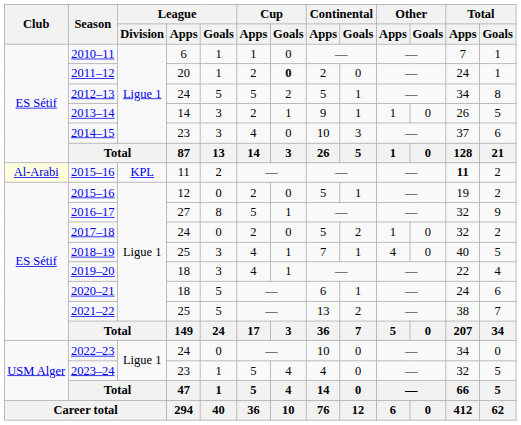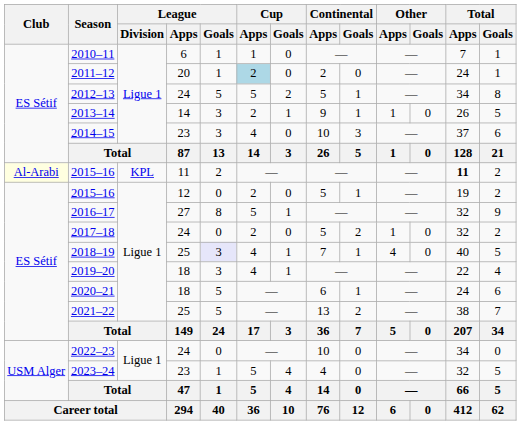 <table class="wikitable" style="text-align: center;">
 <tr>
 <th rowspan="2">Club</th>
 <th rowspan="2">Season</th>
 <th colspan="3">League</th>
 <th colspan="2">Cup</th>
 <th colspan="2">Continental</th>
 <th colspan="2">Other</th>
 <th colspan="2">Total</th>
 </tr>
 <tr>
 <th>Division</th>
 <th>Apps</th>
 <th>Goals</th>
 <th>Apps</th>
 <th>Goals</th>
 <th>Apps</th>
 <th>Goals</th>
 <th>Apps</th>
 <th>Goals</th>
 <th>Apps</th>
 <th>Goals</th>
 </tr>
 <tr>
 <td rowspan=6><a href='#'>ES Sétif</a></td>
 <td><a href='#'>2010–11</a></td>
 <td rowspan=5><a href='#'>Ligue 1</a></td>
 <td>6</td>
 <td>1</td>
 <td>1</td>
 <td>0</td>
 <td colspan=2>—</td>
 <td colspan=2>—</td>
 <td>7</td>
 <td>1</td>
 </tr>
 <tr>
 <td><a href='#'>2011–12</a></td>
 <td>20</td>
 <td>1</td>
-<td>2</td>
-<td><strong>0</strong></td>
+<td style="background: lightblue;">2</td>
+<td>0</td>
 <td>2</td>
 <td>0</td>
 <td colspan=2>—</td>
 <td>24</td>
 <td>1</td>
 </tr>
 <tr>
 <td><a href='#'>2012–13</a></td>
 <td>24</td>
 <td>5</td>
 <td>5</td>
 <td>2</td>
 <td>5</td>
 <td>1</td>
 <td colspan=2>—</td>
 <td>34</td>
 <td>8</td>
 </tr>
 <tr>
 <td><a href='#'>2013–14</a></td>
 <td>14</td>
 <td>3</td>
 <td>2</td>
 <td>1</td>
 <td>9</td>
 <td>1</td>
 <td>1</td>
 <td>0</td>
 <td>26</td>
 <td>5</td>
 </tr>
 <tr>
 <td><a href='#'>2014–15</a></td>
 <td>23</td>
 <td>3</td>
 <td>4</td>
 <td>0</td>
 <td>10</td>
 <td>3</td>
 <td colspan=2>—</td>
 <td>37</td>
 <td>6</td>
 </tr>
 <tr>
 <th colspan="2">Total</th>
 <th>87</th>
 <th>13</th>
 <th>14</th>
 <th>3</th>
 <th>26</th>
 <th>5</th>
 <th>1</th>
 <th>0</th>
 <th>128</th>
 <th>21</th>
 </tr>
 <tr>
 <td style="background: lightyellow;"><a href='#'>Al-Arabi</a></td>
 <td><a href='#'>2015–16</a></td>
 <td><a href='#'>KPL</a></td>
 <td>11</td>
 <td>2</td>
 <td colspan=2>—</td>
 <td colspan=2>—</td>
 <td colspan=2>—</td>
 <td><strong>11</strong></td>
 <td>2</td>
 </tr>
 <tr>
 <td rowspan=8><a href='#'>ES Sétif</a></td>
 <td><a href='#'>2015–16</a></td>
 <td rowspan=7>Ligue 1</td>
 <td>12</td>
 <td>0</td>
 <td>2</td>
 <td>0</td>
 <td>5</td>
 <td>1</td>
 <td colspan=2>—</td>
 <td>19</td>
 <td>2</td>
 </tr>
 <tr>
 <td><a href='#'>2016–17</a></td>
 <td>27</td>
 <td>8</td>
 <td>5</td>
 <td>1</td>
 <td colspan=2>—</td>
 <td colspan=2>—</td>
 <td>32</td>
 <td>9</td>
 </tr>
 <tr>
 <td><a href='#'>2017–18</a></td>
 <td>24</td>
 <td>0</td>
 <td>2</td>
 <td>0</td>
 <td>5</td>
 <td>2</td>
 <td>1</td>
 <td>0</td>
 <td>32</td>
 <td>2</td>
 </tr>
 <tr>
 <td><a href='#'>2018–19</a></td>
 <td>25</td>
-<td>3</td>
+<td style="background: lavender;">3</td>
 <td>4</td>
 <td>1</td>
 <td>7</td>
 <td>1</td>
 <td>4</td>
 <td>0</td>
 <td>40</td>
 <td>5</td>
 </tr>
 <tr>
 <td><a href='#'>2019–20</a></td>
 <td>18</td>
 <td>3</td>
 <td>4</td>
 <td>1</td>
 <td colspan=2>—</td>
 <td colspan=2>—</td>
 <td>22</td>
 <td>4</td>
 </tr>
 <tr>
 <td><a href='#'>2020–21</a></td>
 <td>18</td>
 <td>5</td>
 <td colspan=2>—</td>
 <td>6</td>
 <td>1</td>
 <td colspan=2>—</td>
 <td>24</td>
 <td>6</td>
 </tr>
 <tr>
 <td><a href='#'>2021–22</a></td>
 <td>25</td>
 <td>5</td>
 <td colspan=2>—</td>
 <td>13</td>
 <td>2</td>
 <td colspan=2>—</td>
 <td>38</td>
 <td>7</td>
 </tr>
 <tr>
 <th colspan="2">Total</th>
 <th>149</th>
 <th>24</th>
 <th>17</th>
 <th>3</th>
 <th>36</th>
 <th>7</th>
 <th>5</th>
 <th>0</th>
 <th>207</th>
 <th>34</th>
 </tr>
 <tr>
 <td rowspan=3><a href='#'>USM Alger</a></td>
 <td><a href='#'>2022–23</a></td>
 <td rowspan=2>Ligue 1</td>
 <td>24</td>
 <td>0</td>
 <td colspan=2>—</td>
 <td>10</td>
 <td>0</td>
 <td colspan=2>—</td>
 <td>34</td>
 <td>0</td>
 </tr>
 <tr>
 <td><a href='#'>2023–24</a></td>
 <td>23</td>
 <td>1</td>
 <td>5</td>
 <td>4</td>
 <td>4</td>
 <td>0</td>
 <td colspan=2>—</td>
 <td>32</td>
 <td>5</td>
 </tr>
 <tr>
 <th colspan="2">Total</th>
 <th>47</th>
 <th>1</th>
 <th>5</th>
 <th>4</th>
 <th>14</th>
 <th>0</th>
 <th colspan=2>—</th>
 <th>66</th>
 <th>5</th>
 </tr>
 <tr>
 <th colspan="3">Career total</th>
 <th>294</th>
 <th>40</th>
 <th>36</th>
 <th>10</th>
 <th>76</th>
 <th>12</th>
 <th>6</th>
 <th>0</th>
 <th>412</th>
 <th>62</th>
 </tr>
 </table>
